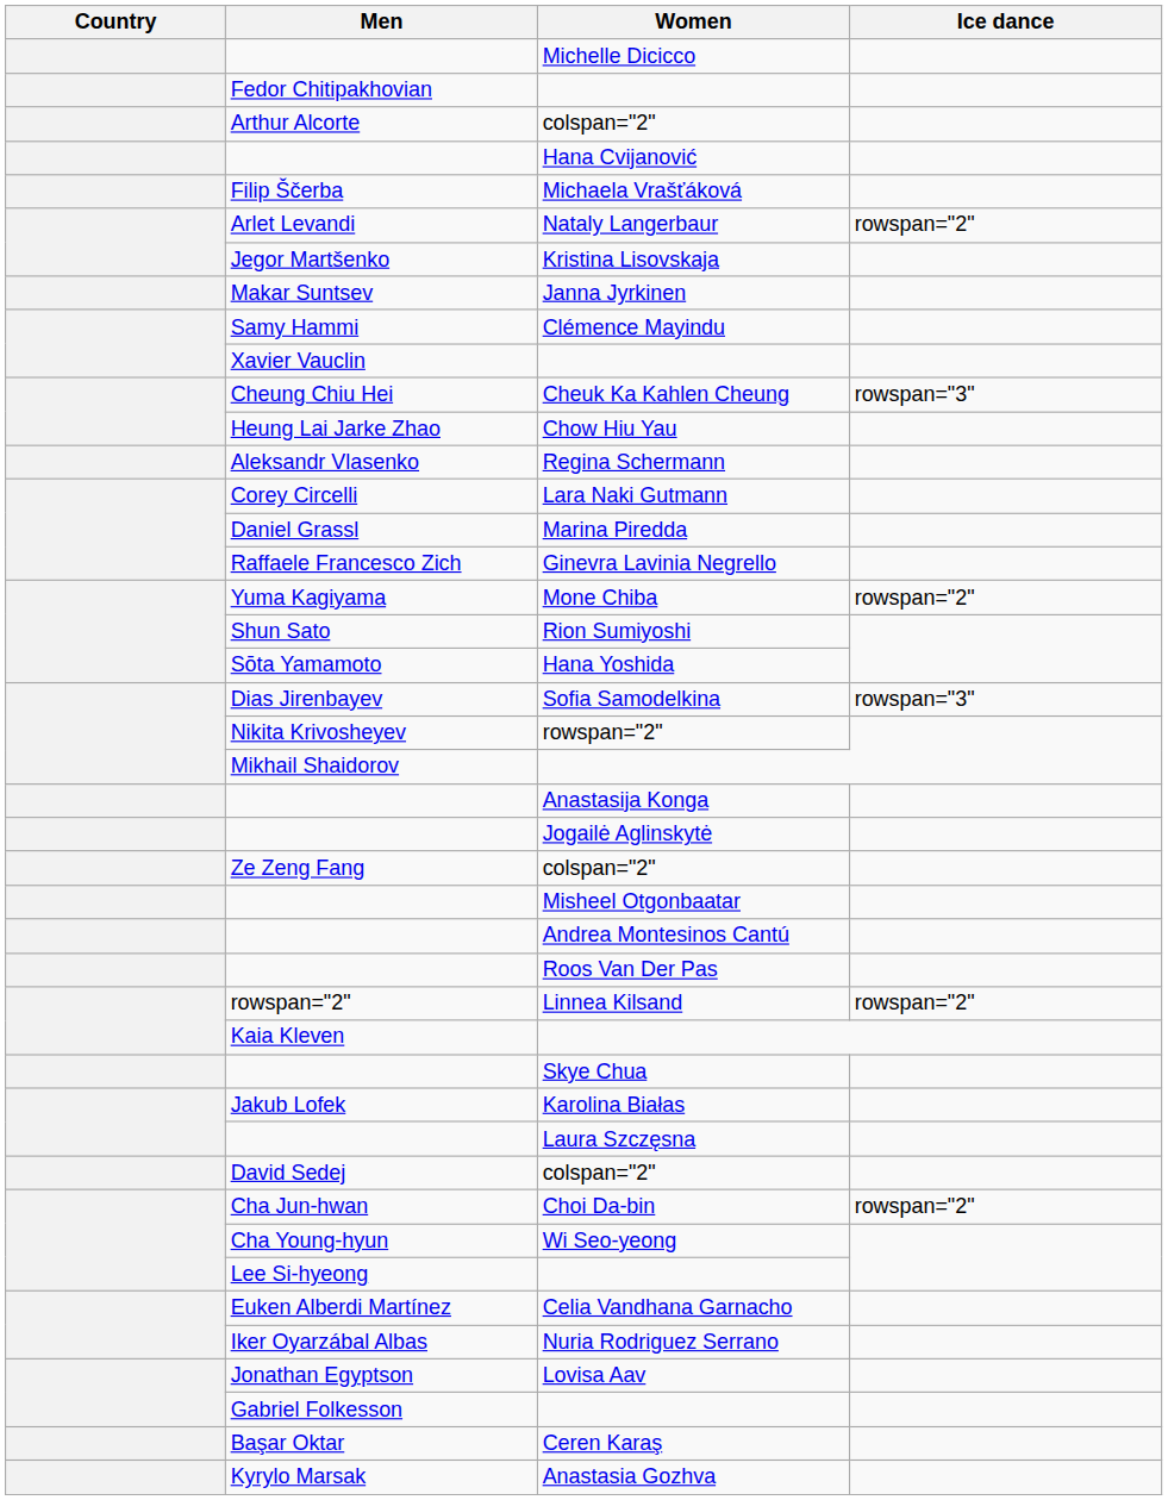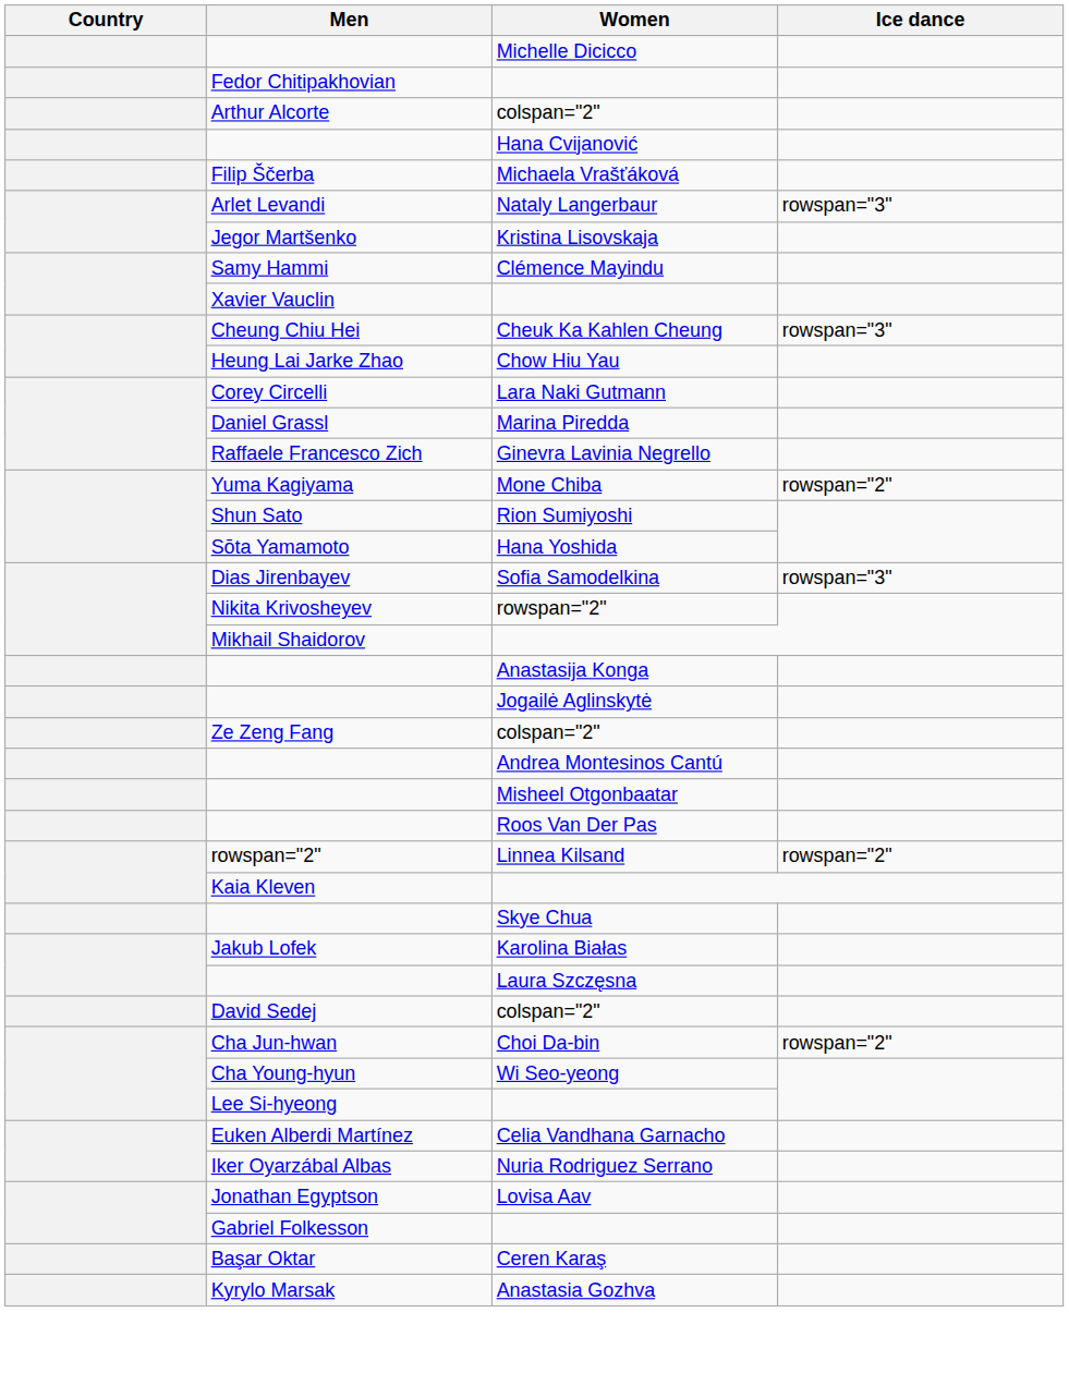 <table class="wikitable sortable" style="text-align:left width:100%">
 <tr>
 <th scope="col" style="width:15%">Country</th>
 <th scope="col" style="width:21.25%">Men</th>
 <th scope="col" style="width:21.25%">Women</th>
 <th scope="col" style="width:21.25%">Ice dance</th>
 </tr>
 <tr>
 <th scope="row" style="text-align:left"></th>
 <td></td>
 <td><a href='#'>Michelle Dicicco</a></td>
 <td></td>
 </tr>
 <tr>
 <th scope="row" style="text-align:left"></th>
 <td><a href='#'>Fedor Chitipakhovian</a></td>
 <td></td>
 <td></td>
 </tr>
 <tr>
 <th scope="row" style="text-align:left"></th>
 <td><a href='#'>Arthur Alcorte</a></td>
 <td>colspan="2" </td>
 </tr>
 <tr>
 <th scope="row" style="text-align:left"></th>
 <td></td>
 <td><a href='#'>Hana Cvijanović</a></td>
 <td></td>
 </tr>
 <tr>
 <th scope="row" style="text-align:left"></th>
 <td><a href='#'>Filip Ščerba</a></td>
 <td><a href='#'>Michaela Vrašťáková</a></td>
 <td></td>
 </tr>
 <tr>
 <th rowspan="2" scope="row" style="text-align:left"></th>
 <td><a href='#'>Arlet Levandi</a></td>
 <td><a href='#'>Nataly Langerbaur</a></td>
-<td>rowspan="2" </td>
+<td>rowspan="3" </td>
 </tr>
 <tr>
 <td><a href='#'>Jegor Martšenko</a></td>
 <td><a href='#'>Kristina Lisovskaja</a></td>
-</tr>
-<tr>
-<th scope="row" style="text-align:left"></th>
-<td><a href='#'>Makar Suntsev</a></td>
-<td><a href='#'>Janna Jyrkinen</a></td>
-<td></td>
 </tr>
 <tr>
 <th rowspan="2" scope="row" style="text-align:left"></th>
 <td><a href='#'>Samy Hammi</a></td>
 <td><a href='#'>Clémence Mayindu</a></td>
 <td></td>
 </tr>
 <tr>
 <td><a href='#'>Xavier Vauclin</a></td>
 <td></td>
 <td></td>
 </tr>
 <tr>
 <th rowspan="2" scope="row" style="text-align:left"></th>
 <td><a href='#'>Cheung Chiu Hei</a></td>
 <td><a href='#'>Cheuk Ka Kahlen Cheung</a></td>
 <td>rowspan="3" </td>
 </tr>
 <tr>
 <td><a href='#'>Heung Lai Jarke Zhao</a></td>
 <td><a href='#'>Chow Hiu Yau</a></td>
-</tr>
-<tr>
-<th scope="row" style="text-align:left"></th>
-<td><a href='#'>Aleksandr Vlasenko</a></td>
-<td><a href='#'>Regina Schermann</a></td>
-<td></td>
 </tr>
 <tr>
 <th rowspan="3" scope="row" style="text-align:left"></th>
 <td><a href='#'>Corey Circelli</a></td>
 <td><a href='#'>Lara Naki Gutmann</a></td>
 <td></td>
 </tr>
 <tr>
 <td><a href='#'>Daniel Grassl</a></td>
 <td><a href='#'>Marina Piredda</a></td>
 <td></td>
 </tr>
 <tr>
 <td><a href='#'>Raffaele Francesco Zich</a></td>
 <td><a href='#'>Ginevra Lavinia Negrello</a></td>
 <td></td>
 </tr>
 <tr>
 <th rowspan="3" scope="row" style="text-align:left"></th>
 <td><a href='#'>Yuma Kagiyama</a></td>
 <td><a href='#'>Mone Chiba</a></td>
 <td>rowspan="2" </td>
 </tr>
 <tr>
 <td><a href='#'>Shun Sato</a></td>
 <td><a href='#'>Rion Sumiyoshi</a></td>
 </tr>
 <tr>
 <td><a href='#'>Sōta Yamamoto</a></td>
 <td><a href='#'>Hana Yoshida</a></td>
 </tr>
 <tr>
 <th rowspan="3" scope="row" style="text-align:left"></th>
 <td><a href='#'>Dias Jirenbayev</a></td>
 <td><a href='#'>Sofia Samodelkina</a></td>
 <td>rowspan="3" </td>
 </tr>
 <tr>
 <td><a href='#'>Nikita Krivosheyev</a></td>
 <td>rowspan="2" </td>
 </tr>
 <tr>
 <td><a href='#'>Mikhail Shaidorov</a></td>
 </tr>
 <tr>
 <th scope="row" style="text-align:left"></th>
 <td></td>
 <td><a href='#'>Anastasija Konga</a></td>
 <td></td>
 </tr>
 <tr>
 <th scope="row" style="text-align:left"></th>
 <td></td>
 <td><a href='#'>Jogailė Aglinskytė</a></td>
 <td></td>
 </tr>
 <tr>
 <th scope="row" style="text-align:left"></th>
 <td><a href='#'>Ze Zeng Fang</a></td>
 <td>colspan="2" </td>
 </tr>
 <tr>
 <th scope="row" style="text-align:left"></th>
 <td></td>
-<td><a href='#'>Misheel Otgonbaatar</a></td>
+<td><a href='#'>Andrea Montesinos Cantú</a></td>
 <td></td>
 </tr>
 <tr>
 <th scope="row" style="text-align:left"></th>
 <td></td>
-<td><a href='#'>Andrea Montesinos Cantú</a></td>
+<td><a href='#'>Misheel Otgonbaatar</a></td>
 <td></td>
 </tr>
 <tr>
 <th scope="row" style="text-align:left"></th>
 <td></td>
 <td><a href='#'>Roos Van Der Pas</a></td>
 <td></td>
 </tr>
 <tr>
 <th rowspan="2" scope="row" style="text-align:left"></th>
 <td>rowspan="2" </td>
 <td><a href='#'>Linnea Kilsand</a></td>
 <td>rowspan="2" </td>
 </tr>
 <tr>
 <td><a href='#'>Kaia Kleven</a></td>
 </tr>
 <tr>
 <th scope="row" style="text-align:left"></th>
 <td></td>
 <td><a href='#'>Skye Chua</a></td>
 <td></td>
 </tr>
 <tr>
 <th rowspan="2" scope="row" style="text-align:left"></th>
 <td><a href='#'>Jakub Lofek</a></td>
 <td><a href='#'>Karolina Białas</a></td>
 <td></td>
 </tr>
 <tr>
 <td></td>
 <td><a href='#'>Laura Szczęsna</a></td>
 <td></td>
 </tr>
 <tr>
 <th scope="row" style="text-align:left"></th>
 <td><a href='#'>David Sedej</a></td>
 <td>colspan="2" </td>
 </tr>
 <tr>
 <th rowspan="3" scope="row" style="text-align:left"></th>
 <td><a href='#'>Cha Jun-hwan</a></td>
 <td><a href='#'>Choi Da-bin</a></td>
 <td>rowspan="2" </td>
 </tr>
 <tr>
 <td><a href='#'>Cha Young-hyun</a></td>
 <td><a href='#'>Wi Seo-yeong</a></td>
 </tr>
 <tr>
 <td><a href='#'>Lee Si-hyeong</a></td>
 <td></td>
 </tr>
 <tr>
 <th rowspan="2" scope="row" style="text-align:left"></th>
 <td><a href='#'>Euken Alberdi Martínez</a></td>
 <td><a href='#'>Celia Vandhana Garnacho</a></td>
 <td></td>
 </tr>
 <tr>
 <td><a href='#'>Iker Oyarzábal Albas</a></td>
 <td><a href='#'>Nuria Rodriguez Serrano</a></td>
 <td></td>
 </tr>
 <tr>
 <th rowspan="2" scope="row" style="text-align:left"></th>
 <td><a href='#'>Jonathan Egyptson</a></td>
 <td><a href='#'>Lovisa Aav</a></td>
 <td></td>
 </tr>
 <tr>
 <td><a href='#'>Gabriel Folkesson</a></td>
 <td></td>
 <td></td>
 </tr>
 <tr>
 <th scope="row" style="text-align:left"></th>
 <td><a href='#'>Başar Oktar</a></td>
 <td><a href='#'>Ceren Karaş</a></td>
 <td></td>
 </tr>
 <tr>
 <th scope="row" style="text-align:left"></th>
 <td><a href='#'>Kyrylo Marsak</a></td>
 <td><a href='#'>Anastasia Gozhva</a></td>
 <td></td>
 </tr>
 </table>
